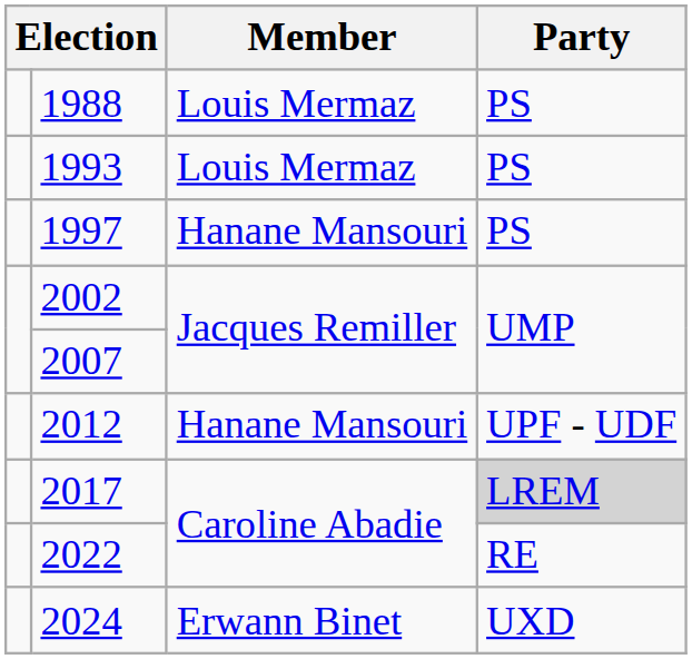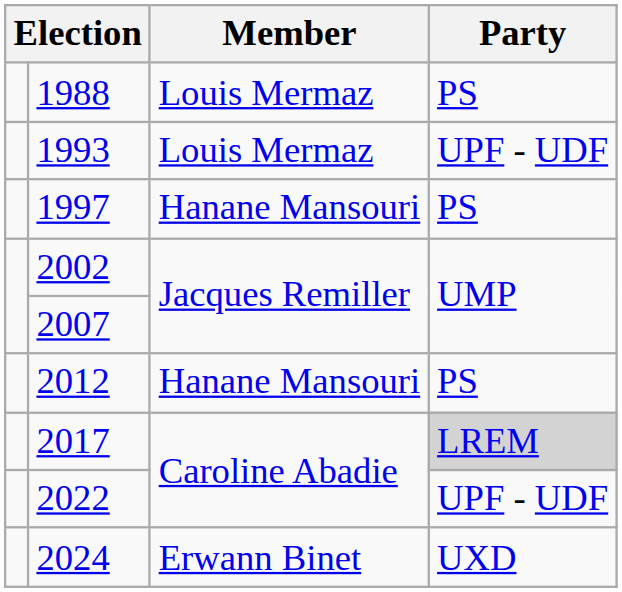 <table class="wikitable">
 <tr>
 <th colspan="2">Election</th>
 <th>Member</th>
 <th>Party</th>
 </tr>
 <tr>
 <td style="color:inherit;background-color:"></td>
 <td><a href='#'>1988</a></td>
 <td><a href='#'>Louis Mermaz</a></td>
 <td><a href='#'>PS</a></td>
 </tr>
 <tr>
 <td style="color:inherit;background-color:"></td>
 <td><a href='#'>1993</a></td>
 <td><a href='#'>Louis Mermaz</a></td>
-<td><a href='#'>PS</a></td>
+<td><a href='#'>UPF</a> - <a href='#'>UDF</a></td>
 </tr>
 <tr>
 <td style="color:inherit;background-color:"></td>
 <td><a href='#'>1997</a></td>
 <td><a href='#'>Hanane Mansouri</a></td>
 <td><a href='#'>PS</a></td>
 </tr>
 <tr>
 <td rowspan="2" style="color:inherit;background-color:"></td>
 <td><a href='#'>2002</a></td>
 <td rowspan="2"><a href='#'>Jacques Remiller</a></td>
 <td rowspan="2"><a href='#'>UMP</a></td>
 </tr>
 <tr>
 <td><a href='#'>2007</a></td>
 </tr>
 <tr>
 <td style="color:inherit;background-color:"></td>
 <td><a href='#'>2012</a></td>
 <td><a href='#'>Hanane Mansouri</a></td>
-<td><a href='#'>UPF</a> - <a href='#'>UDF</a></td>
+<td><a href='#'>PS</a></td>
 </tr>
 <tr>
 <td style="color:inherit;background-color: "></td>
 <td><a href='#'>2017</a></td>
 <td rowspan="2"><a href='#'>Caroline Abadie</a></td>
 <td style="background: lightgrey;"><a href='#'>LREM</a></td>
 </tr>
 <tr>
 <td style="color:inherit;background-color: "></td>
 <td><a href='#'>2022</a></td>
-<td><a href='#'>RE</a></td>
+<td><a href='#'>UPF</a> - <a href='#'>UDF</a></td>
 </tr>
 <tr>
 <td style="color:inherit;background-color: "></td>
 <td><a href='#'>2024</a></td>
 <td><a href='#'>Erwann Binet</a></td>
 <td><a href='#'>UXD</a></td>
 </tr>
 </table>
